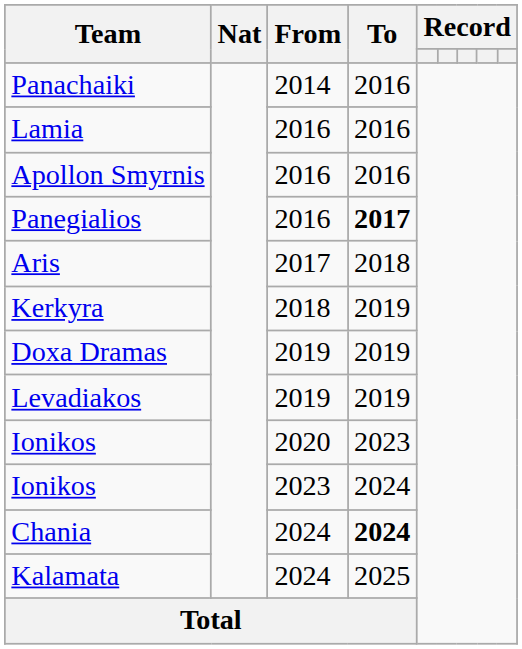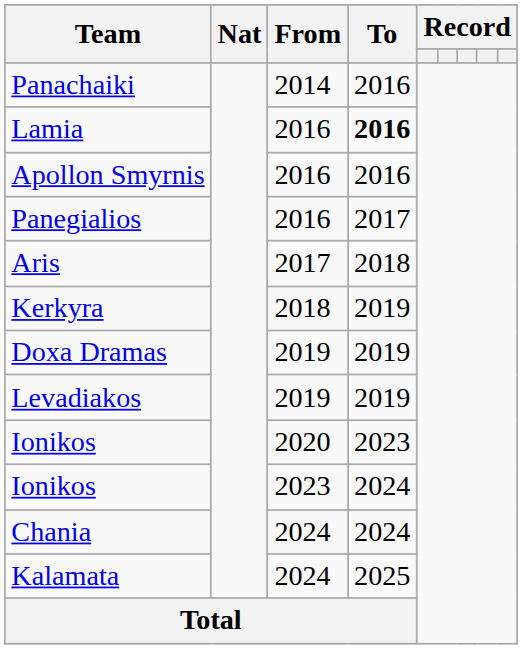 <table class="wikitable" style="text-align: center">
 <tr>
 <th rowspan="2">Team</th>
 <th rowspan="2">Nat</th>
 <th rowspan="2">From</th>
 <th rowspan="2">To</th>
 <th colspan="5">Record</th>
 </tr>
 <tr>
 <th></th>
 <th></th>
 <th></th>
 <th></th>
 <th></th>
 </tr>
 <tr>
 <td align="left"><a href='#'>Panachaiki</a></td>
 <td rowspan="12"></td>
 <td align=left>2014</td>
 <td align=left>2016<br></td>
 </tr>
 <tr>
 <td align="left"><a href='#'>Lamia</a></td>
 <td align="left">2016</td>
-<td align="left">2016<br></td>
+<td align="left"><strong>2016<br></strong></td>
 </tr>
 <tr>
 <td align="left"><a href='#'>Apollon Smyrnis</a></td>
 <td align="left">2016</td>
 <td align="left">2016<br></td>
 </tr>
 <tr>
 <td align="left"><a href='#'>Panegialios</a></td>
 <td align="left">2016</td>
-<td align="left"><strong>2017<br></strong></td>
+<td align="left">2017<br></td>
 </tr>
 <tr>
 <td align="left"><a href='#'>Aris</a></td>
 <td align="left">2017</td>
 <td align="left">2018<br></td>
 </tr>
 <tr>
 <td align="left"><a href='#'>Kerkyra</a></td>
 <td align="left">2018</td>
 <td align="left">2019<br></td>
 </tr>
 <tr>
 <td align="left"><a href='#'>Doxa Dramas</a></td>
 <td align="left">2019</td>
 <td align="left">2019<br></td>
 </tr>
 <tr>
 <td align="left"><a href='#'>Levadiakos</a></td>
 <td align="left">2019</td>
 <td align="left">2019<br></td>
 </tr>
 <tr>
 <td align="left"><a href='#'>Ionikos</a></td>
 <td align="left">2020</td>
 <td align="left">2023<br></td>
 </tr>
 <tr>
 <td align="left"><a href='#'>Ionikos</a></td>
 <td align="left">2023</td>
 <td align="left">2024<br></td>
 </tr>
 <tr>
 <td align="left"><a href='#'>Chania</a></td>
 <td align="left">2024</td>
-<td align="left"><strong>2024<br></strong></td>
+<td align="left">2024<br></td>
 </tr>
 <tr>
 <td align="left"><a href='#'>Kalamata</a></td>
 <td align="left">2024</td>
 <td align="left">2025<br></td>
 </tr>
 <tr>
 <th colspan="4">Total<br></th>
 </tr>
 </table>
